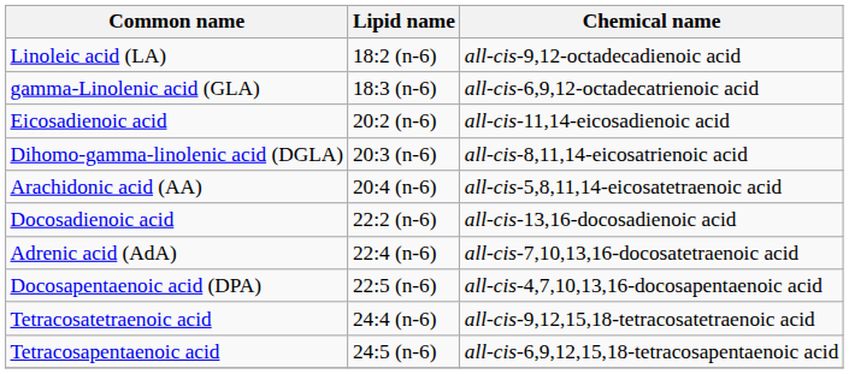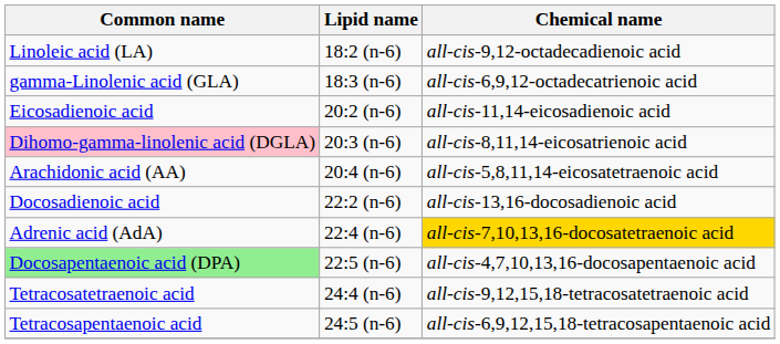 <table class="wikitable">
 <tr>
 <th>Common name</th>
 <th>Lipid name</th>
 <th>Chemical name</th>
 </tr>
 <tr>
 <td><a href='#'>Linoleic acid</a> (LA)</td>
 <td>18:2 (n-6)</td>
 <td><em>all-cis</em>-9,12-octadecadienoic acid</td>
 </tr>
 <tr>
 <td><a href='#'>gamma-Linolenic acid</a> (GLA)</td>
 <td>18:3 (n-6)</td>
 <td><em>all-cis</em>-6,9,12-octadecatrienoic acid</td>
 </tr>
 <tr>
 <td><a href='#'>Eicosadienoic acid</a></td>
 <td>20:2 (n-6)</td>
 <td><em>all-cis</em>-11,14-eicosadienoic acid</td>
 </tr>
 <tr>
-<td><a href='#'>Dihomo-gamma-linolenic acid</a> (DGLA)</td>
+<td style="background: pink;"><a href='#'>Dihomo-gamma-linolenic acid</a> (DGLA)</td>
 <td>20:3 (n-6)</td>
 <td><em>all-cis</em>-8,11,14-eicosatrienoic acid</td>
 </tr>
 <tr>
 <td><a href='#'>Arachidonic acid</a> (AA)</td>
 <td>20:4 (n-6)</td>
 <td><em>all-cis</em>-5,8,11,14-eicosatetraenoic acid</td>
 </tr>
 <tr>
 <td><a href='#'>Docosadienoic acid</a></td>
 <td>22:2 (n-6)</td>
 <td><em>all-cis</em>-13,16-docosadienoic acid</td>
 </tr>
 <tr>
 <td><a href='#'>Adrenic acid</a> (AdA)</td>
 <td>22:4 (n-6)</td>
-<td><em>all-cis</em>-7,10,13,16-docosatetraenoic acid</td>
+<td style="background: gold;"><em>all-cis</em>-7,10,13,16-docosatetraenoic acid</td>
 </tr>
 <tr>
-<td><a href='#'>Docosapentaenoic acid</a> (DPA)</td>
+<td style="background: lightgreen;"><a href='#'>Docosapentaenoic acid</a> (DPA)</td>
 <td>22:5 (n-6)</td>
 <td><em>all-cis</em>-4,7,10,13,16-docosapentaenoic acid</td>
 </tr>
 <tr>
 <td><a href='#'>Tetracosatetraenoic acid</a></td>
 <td>24:4 (n-6)</td>
 <td><em>all-cis</em>-9,12,15,18-tetracosatetraenoic acid</td>
 </tr>
 <tr>
 <td><a href='#'>Tetracosapentaenoic acid</a></td>
 <td>24:5 (n-6)</td>
 <td><em>all-cis</em>-6,9,12,15,18-tetracosapentaenoic acid</td>
 </tr>
 <tr>
 </tr>
 </table>
